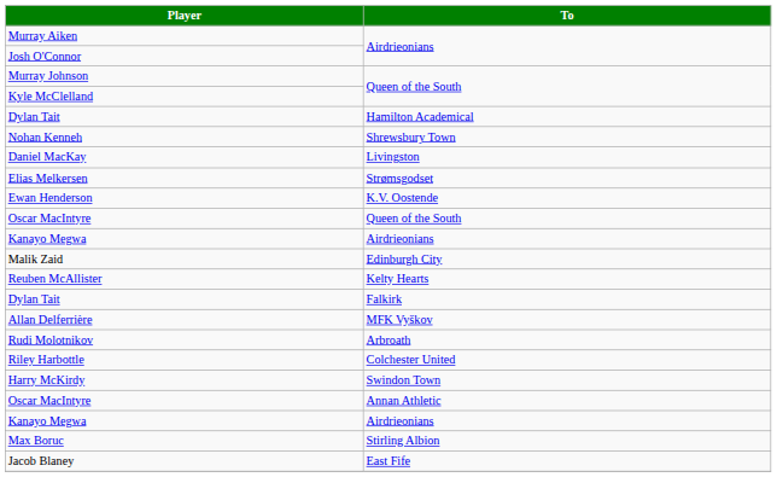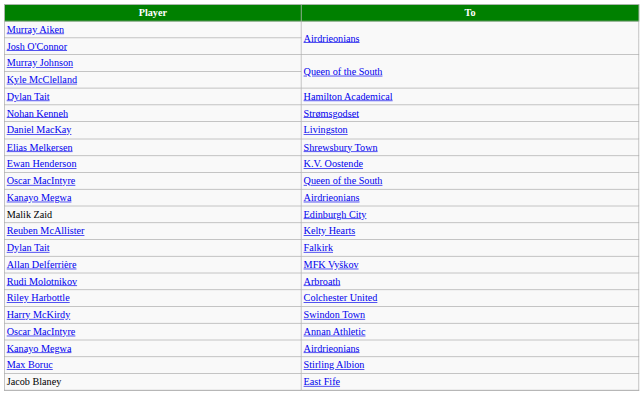 <table class="wikitable" style="text-align:center; font-size:95%;width:75%; text-align:left">
 <tr>
 <th style="background:#008000; color:white;">Player</th>
 <th style="background:#008000; color:white;">To</th>
 </tr>
 <tr>
 <td> <a href='#'>Murray Aiken</a></td>
 <td rowspan=2> <a href='#'>Airdrieonians</a></td>
 </tr>
 <tr>
 <td> <a href='#'>Josh O'Connor</a></td>
 </tr>
 <tr>
 <td> <a href='#'>Murray Johnson</a></td>
 <td rowspan=2> <a href='#'>Queen of the South</a></td>
 </tr>
 <tr>
 <td> <a href='#'>Kyle McClelland</a></td>
 </tr>
 <tr>
 <td> <a href='#'>Dylan Tait</a></td>
 <td> <a href='#'>Hamilton Academical</a></td>
 </tr>
 <tr>
 <td> <a href='#'>Nohan Kenneh</a></td>
-<td> <a href='#'>Shrewsbury Town</a></td>
+<td> <a href='#'>Strømsgodset</a></td>
 </tr>
 <tr>
 <td> <a href='#'>Daniel MacKay</a></td>
 <td> <a href='#'>Livingston</a></td>
 </tr>
 <tr>
 <td> <a href='#'>Elias Melkersen</a></td>
-<td> <a href='#'>Strømsgodset</a></td>
+<td> <a href='#'>Shrewsbury Town</a></td>
 </tr>
 <tr>
 <td> <a href='#'>Ewan Henderson</a></td>
 <td> <a href='#'>K.V. Oostende</a></td>
 </tr>
 <tr>
 <td> <a href='#'>Oscar MacIntyre</a></td>
 <td> <a href='#'>Queen of the South</a></td>
 </tr>
 <tr>
 <td> <a href='#'>Kanayo Megwa</a></td>
 <td> <a href='#'>Airdrieonians</a></td>
 </tr>
 <tr>
 <td> Malik Zaid</td>
 <td> <a href='#'>Edinburgh City</a></td>
 </tr>
 <tr>
 <td> <a href='#'>Reuben McAllister</a></td>
 <td> <a href='#'>Kelty Hearts</a></td>
 </tr>
 <tr>
 <td> <a href='#'>Dylan Tait</a></td>
 <td> <a href='#'>Falkirk</a></td>
 </tr>
 <tr>
 <td> <a href='#'>Allan Delferrière</a></td>
 <td> <a href='#'>MFK Vyškov</a></td>
 </tr>
 <tr>
 <td> <a href='#'>Rudi Molotnikov</a></td>
 <td> <a href='#'>Arbroath</a></td>
 </tr>
 <tr>
 <td> <a href='#'>Riley Harbottle</a></td>
 <td> <a href='#'>Colchester United</a></td>
 </tr>
 <tr>
 <td> <a href='#'>Harry McKirdy</a></td>
 <td> <a href='#'>Swindon Town</a></td>
 </tr>
 <tr>
 <td> <a href='#'>Oscar MacIntyre</a></td>
 <td> <a href='#'>Annan Athletic</a></td>
 </tr>
 <tr>
 <td> <a href='#'>Kanayo Megwa</a></td>
 <td> <a href='#'>Airdrieonians</a></td>
 </tr>
 <tr>
 <td> <a href='#'>Max Boruc</a></td>
 <td> <a href='#'>Stirling Albion</a></td>
 </tr>
 <tr>
 <td> Jacob Blaney</td>
 <td> <a href='#'>East Fife</a></td>
 </tr>
 <tr>
 </tr>
 </table>
